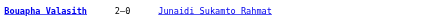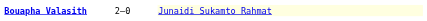 <table>
 <tr>
 <th width=400></th>
 <th width=100></th>
 <th width=400></th>
 </tr>
 <tr>
 <td align=right><strong><a href='#'>Bouapha Valasith</a> </strong></td>
 <td align=center>2–0</td>
-<td> <a href='#'>Junaidi Sukamto Rahmat</a></td>
+<td style="background: lightyellow;"> <a href='#'>Junaidi Sukamto Rahmat</a></td>
 </tr>
 </table>
